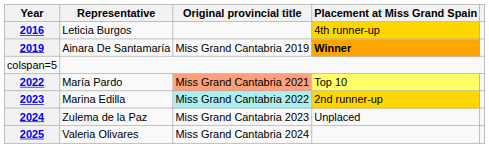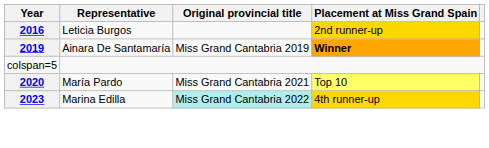 <table class="wikitable defaultcenter col2left" style="font-size:95%;">
 <tr>
 <th>Year</th>
 <th>Representative</th>
 <th>Original provincial title</th>
 <th>Placement at Miss Grand Spain</th>
 <th></th>
 </tr>
 <tr>
 <th><a href='#'>2016</a></th>
 <td>Leticia Burgos</td>
 <td></td>
-<td bgcolor=gold>4th runner-up</td>
+<td bgcolor=gold>2nd runner-up</td>
 <td></td>
 </tr>
 <tr>
 <th><a href='#'>2019</a></th>
 <td>Ainara De Santamaría</td>
 <td>Miss Grand Cantabria 2019</td>
 <td bgcolor=orange><strong>Winner</strong></td>
 <td></td>
 </tr>
 <tr>
 <td>colspan=5 </td>
 </tr>
 <tr>
-<th><a href='#'>2022</a></th>
+<th><a href='#'>2020</a></th>
 <td>María Pardo</td>
-<td style="background: lightsalmon;">Miss Grand Cantabria 2021</td>
+<td>Miss Grand Cantabria 2021</td>
 <td bgcolor=#FFFF66>Top 10</td>
 <td></td>
 </tr>
 <tr>
 <th><a href='#'>2023</a></th>
 <td>Marina Edilla</td>
 <td style="background: paleturquoise;">Miss Grand Cantabria 2022</td>
-<td bgcolor=gold>2nd runner-up</td>
-<td></td>
-</tr>
-<tr>
-<th><a href='#'>2024</a></th>
-<td>Zulema de la Paz</td>
-<td>Miss Grand Cantabria 2023</td>
-<td>Unplaced</td>
-<td></td>
-</tr>
-<tr>
-<th><a href='#'>2025</a></th>
-<td>Valeria Olivares</td>
-<td>Miss Grand Cantabria 2024</td>
-<td></td>
+<td bgcolor=gold>4th runner-up</td>
 <td></td>
 </tr>
 </table>
